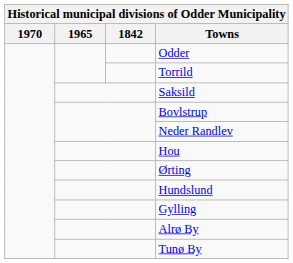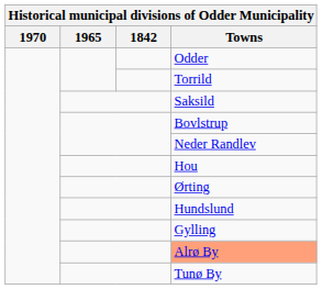 <table class="wikitable" style="margin-left:1em;" style="text-align: center">
 <tr>
 <th colspan="99">Historical municipal divisions of Odder Municipality</th>
 </tr>
 <tr>
 <th>1970</th>
 <th>1965</th>
 <th>1842</th>
 <th>Towns</th>
 </tr>
 <tr>
 <td rowspan="99"></td>
 <td rowspan="2"></td>
 <td></td>
 <td><a href='#'>Odder</a></td>
 </tr>
 <tr>
 <td></td>
 <td><a href='#'>Torrild</a></td>
 </tr>
 <tr>
 <td colspan="2"></td>
 <td><a href='#'>Saksild</a></td>
 </tr>
 <tr>
 <td colspan="2" rowspan="2"></td>
 <td><a href='#'>Bovlstrup</a></td>
 </tr>
 <tr>
 <td><a href='#'>Neder Randlev</a></td>
 </tr>
 <tr>
 <td colspan="2"></td>
 <td><a href='#'>Hou</a></td>
 </tr>
 <tr>
 <td colspan="2"></td>
 <td><a href='#'>Ørting</a></td>
 </tr>
 <tr>
 <td colspan="2"></td>
 <td><a href='#'>Hundslund</a></td>
 </tr>
 <tr>
 <td colspan="2"></td>
 <td><a href='#'>Gylling</a></td>
 </tr>
 <tr>
 <td colspan="2"></td>
-<td><a href='#'>Alrø By</a></td>
+<td style="background: lightsalmon;"><a href='#'>Alrø By</a></td>
 </tr>
 <tr>
 <td colspan="2"></td>
 <td><a href='#'>Tunø By</a></td>
 </tr>
 </table>
